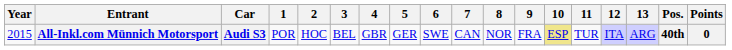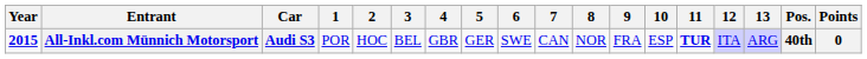 <table class="wikitable" border="1" style="text-align:center; font-size:85%;">
 <tr valign="top">
 <th>Year</th>
 <th>Entrant</th>
 <th>Car</th>
 <th>1</th>
 <th>2</th>
 <th>3</th>
 <th>4</th>
 <th>5</th>
 <th>6</th>
 <th>7</th>
 <th>8</th>
 <th>9</th>
 <th>10</th>
 <th>11</th>
 <th>12</th>
 <th>13</th>
 <th>Pos.</th>
 <th>Points</th>
 </tr>
 <tr>
-<td><a href='#'>2015</a></td>
+<td><strong><a href='#'>2015</a></strong></td>
 <th nowrap><a href='#'>All-Inkl.com Münnich Motorsport</a></th>
 <th nowrap><a href='#'>Audi S3</a></th>
 <td><a href='#'>POR</a></td>
 <td><a href='#'>HOC</a></td>
 <td><a href='#'>BEL</a></td>
 <td><a href='#'>GBR</a></td>
 <td><a href='#'>GER</a></td>
 <td><a href='#'>SWE</a></td>
 <td><a href='#'>CAN</a></td>
 <td><a href='#'>NOR</a></td>
 <td><a href='#'>FRA</a></td>
-<td style="background: khaki;"><a href='#'>ESP</a></td>
-<td><a href='#'>TUR</a></td>
+<td><a href='#'>ESP</a></td>
+<td><strong><a href='#'>TUR</a></strong></td>
 <td style="background:#CFCFFF;"><a href='#'>ITA</a><br></td>
 <td style="background:#CFCFFF;"><a href='#'>ARG</a><br></td>
 <th>40th</th>
 <th>0</th>
 </tr>
 </table>
